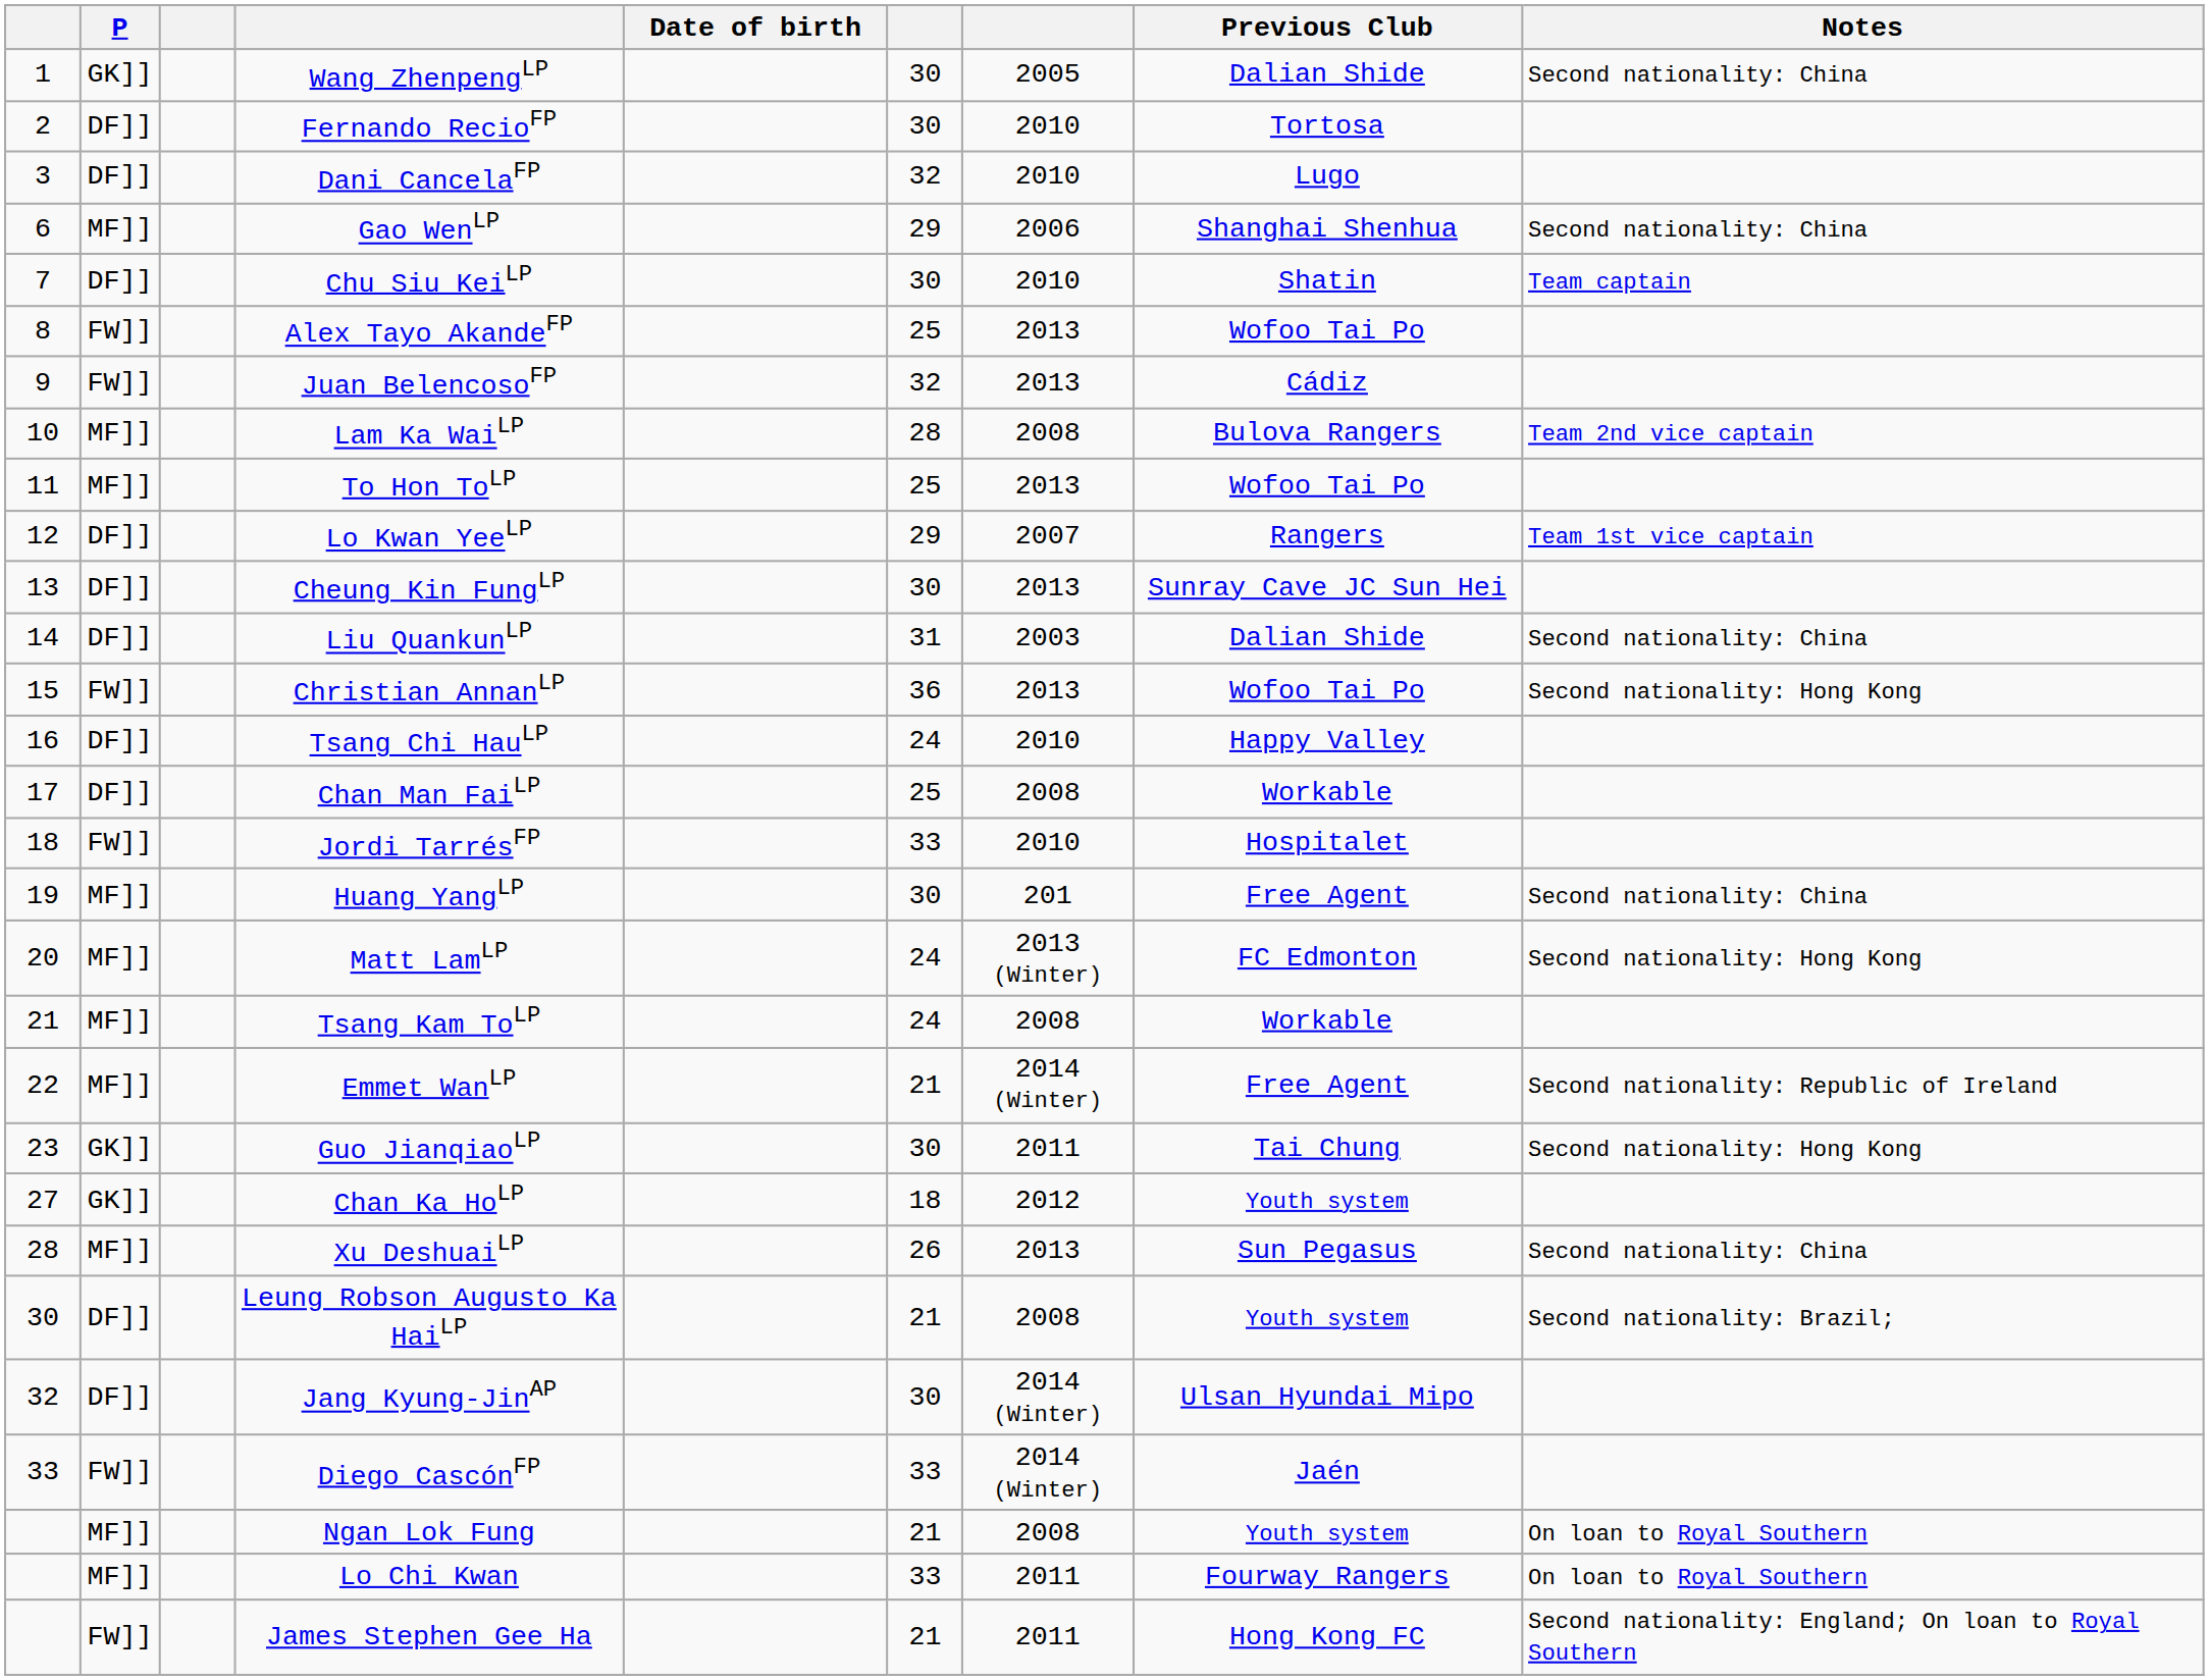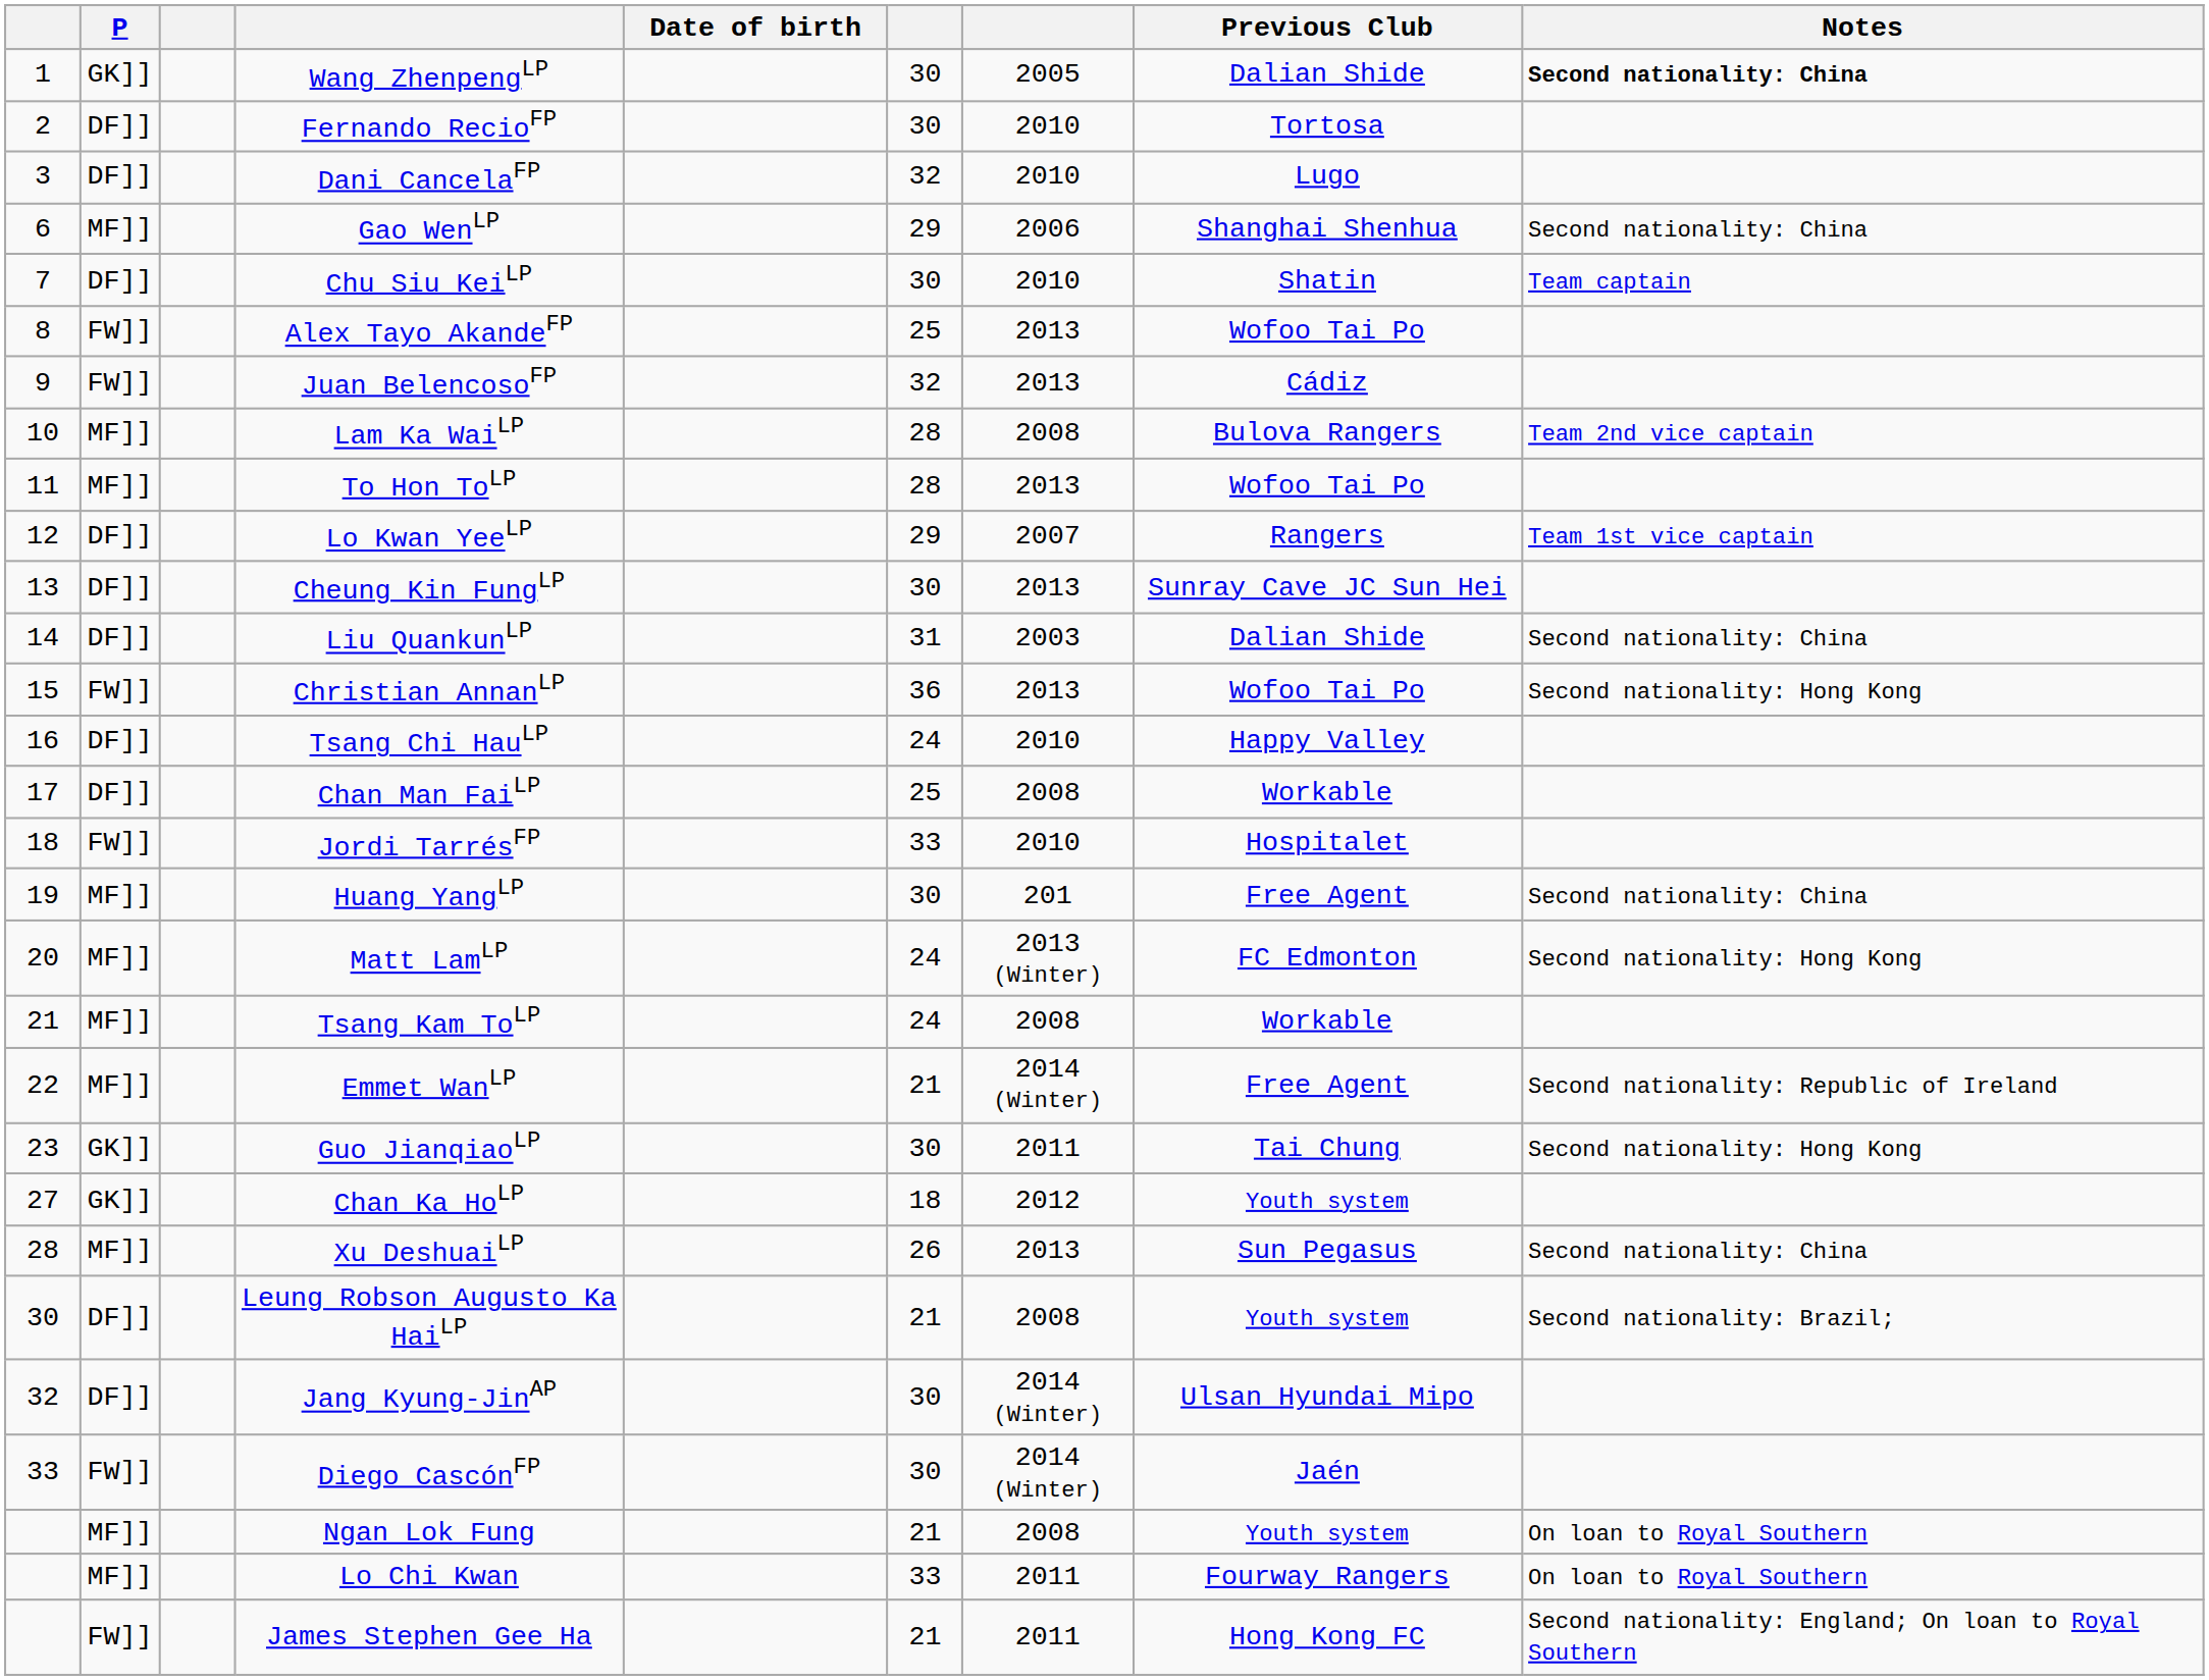 <table class="wikitable sortable" style="text-align: center;">
 <tr>
 <th width=30></th>
 <th width=30><a href='#'>P</a></th>
 <th width=30></th>
 <th width=180></th>
 <th width=120>Date of birth</th>
 <th width=30></th>
 <th width=75></th>
 <th width=180>Previous Club</th>
 <th width=320>Notes</th>
 </tr>
 <tr>
 <td>1</td>
 <td [[>GK]]</td>
 <td></td>
 <td><a href='#'>Wang Zhenpeng</a><sup>LP</sup></td>
 <td></td>
 <td>30</td>
 <td>2005</td>
 <td> <a href='#'>Dalian Shide</a></td>
-<td align=left><small>Second nationality: China</small></td>
+<td align=left><strong><small>Second nationality: China</small></strong></td>
 </tr>
 <tr>
 <td>2</td>
 <td [[>DF]]</td>
 <td></td>
 <td><a href='#'>Fernando Recio</a><sup>FP</sup></td>
 <td></td>
 <td>30</td>
 <td>2010</td>
 <td> <a href='#'>Tortosa</a></td>
 <td></td>
 </tr>
 <tr>
 <td>3</td>
 <td [[>DF]]</td>
 <td></td>
 <td><a href='#'>Dani Cancela</a><sup>FP</sup></td>
 <td></td>
 <td>32</td>
 <td>2010</td>
 <td> <a href='#'>Lugo</a></td>
 <td></td>
 </tr>
 <tr>
 <td>6</td>
 <td [[>MF]]</td>
 <td></td>
 <td><a href='#'>Gao Wen</a><sup>LP</sup></td>
 <td></td>
 <td>29</td>
 <td>2006</td>
 <td> <a href='#'>Shanghai Shenhua</a></td>
 <td align=left><small>Second nationality: China</small></td>
 </tr>
 <tr>
 <td>7</td>
 <td [[>DF]]</td>
 <td></td>
 <td><a href='#'>Chu Siu Kei</a><sup>LP</sup></td>
 <td></td>
 <td>30</td>
 <td>2010</td>
 <td> <a href='#'>Shatin</a></td>
 <td align=left><small><a href='#'>Team captain</a></small></td>
 </tr>
 <tr>
 <td>8</td>
 <td [[>FW]]</td>
 <td></td>
 <td><a href='#'>Alex Tayo Akande</a><sup>FP</sup></td>
 <td></td>
 <td>25</td>
 <td>2013</td>
 <td> <a href='#'>Wofoo Tai Po</a></td>
 <td></td>
 </tr>
 <tr>
 <td>9</td>
 <td [[>FW]]</td>
 <td></td>
 <td><a href='#'>Juan Belencoso</a><sup>FP</sup></td>
 <td></td>
 <td>32</td>
 <td>2013</td>
 <td> <a href='#'>Cádiz</a></td>
 <td></td>
 </tr>
 <tr>
 <td>10</td>
 <td [[>MF]]</td>
 <td></td>
 <td><a href='#'>Lam Ka Wai</a><sup>LP</sup></td>
 <td></td>
 <td>28</td>
 <td>2008</td>
 <td> <a href='#'>Bulova Rangers</a></td>
 <td align=left><small><a href='#'>Team 2nd vice captain</a></small></td>
 </tr>
 <tr>
 <td>11</td>
 <td [[>MF]]</td>
 <td></td>
 <td><a href='#'>To Hon To</a><sup>LP</sup></td>
 <td></td>
-<td>25</td>
+<td>28</td>
 <td>2013</td>
 <td> <a href='#'>Wofoo Tai Po</a></td>
 <td></td>
 </tr>
 <tr>
 <td>12</td>
 <td [[>DF]]</td>
 <td></td>
 <td><a href='#'>Lo Kwan Yee</a><sup>LP</sup></td>
 <td></td>
 <td>29</td>
 <td>2007</td>
 <td> <a href='#'>Rangers</a></td>
 <td align=left><small><a href='#'>Team 1st vice captain</a></small></td>
 </tr>
 <tr>
 <td>13</td>
 <td [[>DF]]</td>
 <td></td>
 <td><a href='#'>Cheung Kin Fung</a><sup>LP</sup></td>
 <td></td>
 <td>30</td>
 <td>2013</td>
 <td> <a href='#'>Sunray Cave JC Sun Hei</a></td>
 <td></td>
 </tr>
 <tr>
 <td>14</td>
 <td [[>DF]]</td>
 <td></td>
 <td><a href='#'>Liu Quankun</a><sup>LP</sup></td>
 <td></td>
 <td>31</td>
 <td>2003</td>
 <td> <a href='#'>Dalian Shide</a></td>
 <td align=left><small>Second nationality: China</small></td>
 </tr>
 <tr>
 <td>15</td>
 <td [[>FW]]</td>
 <td></td>
 <td><a href='#'>Christian Annan</a><sup>LP</sup></td>
 <td></td>
 <td>36</td>
 <td>2013</td>
 <td> <a href='#'>Wofoo Tai Po</a></td>
 <td align=left><small>Second nationality: Hong Kong</small></td>
 </tr>
 <tr>
 <td>16</td>
 <td [[>DF]]</td>
 <td></td>
 <td><a href='#'>Tsang Chi Hau</a><sup>LP</sup></td>
 <td></td>
 <td>24</td>
 <td>2010</td>
 <td> <a href='#'>Happy Valley</a></td>
 <td></td>
 </tr>
 <tr>
 <td>17</td>
 <td [[>DF]]</td>
 <td></td>
 <td><a href='#'>Chan Man Fai</a><sup>LP</sup></td>
 <td></td>
 <td>25</td>
 <td>2008</td>
 <td> <a href='#'>Workable</a></td>
 <td></td>
 </tr>
 <tr>
 <td>18</td>
 <td [[>FW]]</td>
 <td></td>
 <td><a href='#'>Jordi Tarrés</a><sup>FP</sup></td>
 <td></td>
 <td>33</td>
 <td>2010</td>
 <td> <a href='#'>Hospitalet</a></td>
 <td></td>
 </tr>
 <tr>
 <td>19</td>
 <td [[>MF]]</td>
 <td></td>
 <td><a href='#'>Huang Yang</a><sup>LP</sup></td>
 <td></td>
 <td>30</td>
 <td>201</td>
 <td><a href='#'>Free Agent</a></td>
 <td align=left><small>Second nationality: China</small></td>
 </tr>
 <tr>
 <td>20</td>
 <td [[>MF]]</td>
 <td></td>
 <td><a href='#'>Matt Lam</a><sup>LP</sup></td>
 <td></td>
 <td>24</td>
 <td>2013 <small>(Winter)</small></td>
 <td> <a href='#'>FC Edmonton</a></td>
 <td align=left><small>Second nationality: Hong Kong</small></td>
 </tr>
 <tr>
 <td>21</td>
 <td [[>MF]]</td>
 <td></td>
 <td><a href='#'>Tsang Kam To</a><sup>LP</sup></td>
 <td></td>
 <td>24</td>
 <td>2008</td>
 <td> <a href='#'>Workable</a></td>
 <td></td>
 </tr>
 <tr>
 <td>22</td>
 <td [[>MF]]</td>
 <td></td>
 <td><a href='#'>Emmet Wan</a><sup>LP</sup></td>
 <td></td>
 <td>21</td>
 <td>2014 <small>(Winter)</small></td>
 <td><a href='#'>Free Agent</a></td>
 <td align=left><small>Second nationality: Republic of Ireland</small></td>
 </tr>
 <tr>
 <td>23</td>
 <td [[>GK]]</td>
 <td></td>
 <td><a href='#'>Guo Jianqiao</a><sup>LP</sup></td>
 <td></td>
 <td>30</td>
 <td>2011</td>
 <td> <a href='#'>Tai Chung</a></td>
 <td align=left><small>Second nationality: Hong Kong</small></td>
 </tr>
 <tr>
 <td>27</td>
 <td [[>GK]]</td>
 <td></td>
 <td><a href='#'>Chan Ka Ho</a><sup>LP</sup></td>
 <td></td>
 <td>18</td>
 <td>2012</td>
 <td><small><a href='#'>Youth system</a></small></td>
 <td></td>
 </tr>
 <tr>
 <td>28</td>
 <td [[>MF]]</td>
 <td></td>
 <td><a href='#'>Xu Deshuai</a><sup>LP</sup></td>
 <td></td>
 <td>26</td>
 <td>2013</td>
 <td> <a href='#'>Sun Pegasus</a></td>
 <td align=left><small>Second nationality: China</small></td>
 </tr>
 <tr>
 <td>30</td>
 <td [[>DF]]</td>
 <td></td>
 <td><a href='#'>Leung Robson Augusto Ka Hai</a><sup>LP</sup></td>
 <td></td>
 <td>21</td>
 <td>2008</td>
 <td><small><a href='#'>Youth system</a></small></td>
 <td align=left><small>Second nationality: Brazil;</small></td>
 </tr>
 <tr>
 <td>32</td>
 <td [[>DF]]</td>
 <td></td>
 <td><a href='#'>Jang Kyung-Jin</a><sup>AP</sup></td>
 <td></td>
 <td>30</td>
 <td>2014 <small>(Winter)</small></td>
 <td> <a href='#'>Ulsan Hyundai Mipo</a></td>
 <td></td>
 </tr>
 <tr>
 <td>33</td>
 <td [[>FW]]</td>
 <td></td>
 <td><a href='#'>Diego Cascón</a><sup>FP</sup></td>
 <td></td>
-<td>33</td>
+<td>30</td>
 <td>2014 <small>(Winter)</small></td>
 <td> <a href='#'>Jaén</a></td>
 <td></td>
 </tr>
 <tr>
 <td></td>
 <td [[>MF]]</td>
 <td></td>
 <td><a href='#'>Ngan Lok Fung</a></td>
 <td></td>
 <td>21</td>
 <td>2008</td>
 <td><small><a href='#'>Youth system</a></small></td>
 <td align=left><small>On loan to <a href='#'>Royal Southern</a></small></td>
 </tr>
 <tr>
 <td></td>
 <td [[>MF]]</td>
 <td></td>
 <td><a href='#'>Lo Chi Kwan</a></td>
 <td></td>
 <td>33</td>
 <td>2011</td>
 <td> <a href='#'>Fourway Rangers</a></td>
 <td align=left><small>On loan to <a href='#'>Royal Southern</a></small></td>
 </tr>
 <tr>
 <td></td>
 <td [[>FW]]</td>
 <td></td>
 <td><a href='#'>James Stephen Gee Ha</a></td>
 <td></td>
 <td>21</td>
 <td>2011</td>
 <td> <a href='#'>Hong Kong FC</a></td>
 <td align=left><small>Second nationality: England; On loan to <a href='#'>Royal Southern</a></small><br> </td>
 </tr>
 </table>
